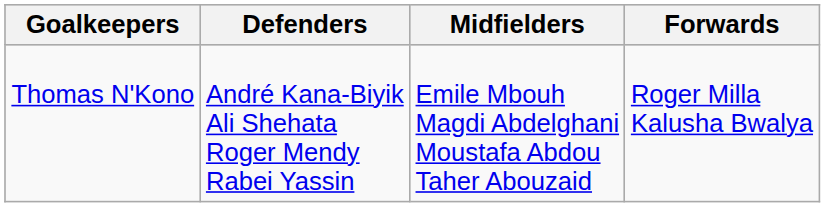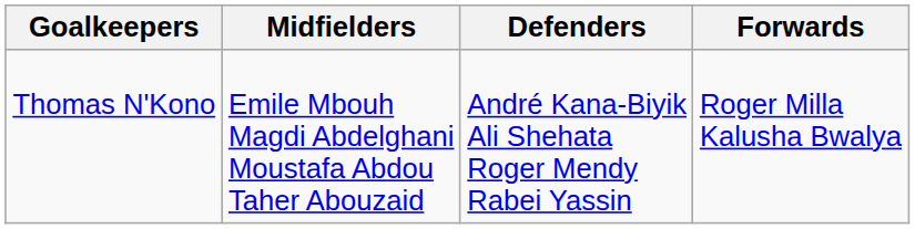 <table class="wikitable" style="margin:0 auto">
 <tr>
 <th>Goalkeepers</th>
+<th>Midfielders</th>
 <th>Defenders</th>
-<th>Midfielders</th>
 <th>Forwards</th>
 </tr>
 <tr>
 <td align=left valign=top><br> <a href='#'>Thomas N'Kono</a></td>
+<td align=left valign=top><br> <a href='#'>Emile Mbouh</a> <br>  <a href='#'>Magdi Abdelghani</a> <br>  <a href='#'>Moustafa Abdou</a> <br>  <a href='#'>Taher Abouzaid</a></td>
 <td align=left valign=top><br> <a href='#'>André Kana-Biyik</a> <br>  <a href='#'>Ali Shehata</a> <br>  <a href='#'>Roger Mendy</a> <br>  <a href='#'>Rabei Yassin</a></td>
-<td align=left valign=top><br> <a href='#'>Emile Mbouh</a> <br>  <a href='#'>Magdi Abdelghani</a> <br>  <a href='#'>Moustafa Abdou</a> <br>  <a href='#'>Taher Abouzaid</a></td>
 <td align=left valign=top><br> <a href='#'>Roger Milla</a> <br>  <a href='#'>Kalusha Bwalya</a></td>
 </tr>
 </table>
